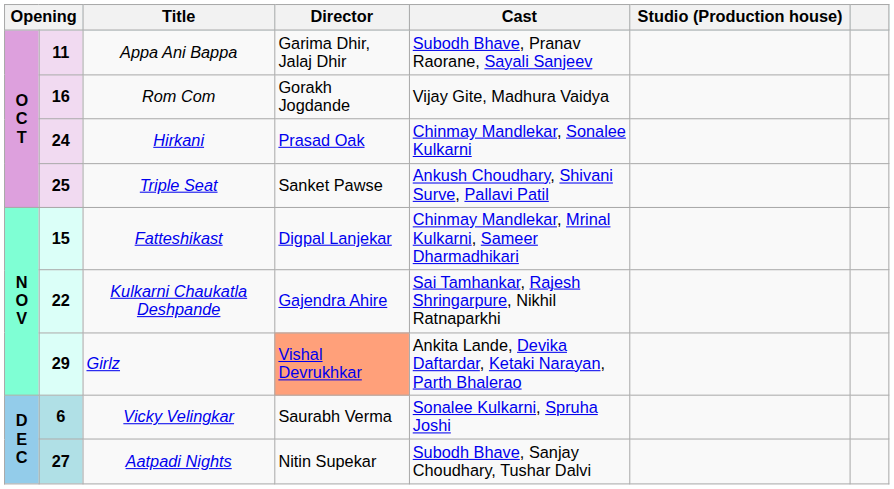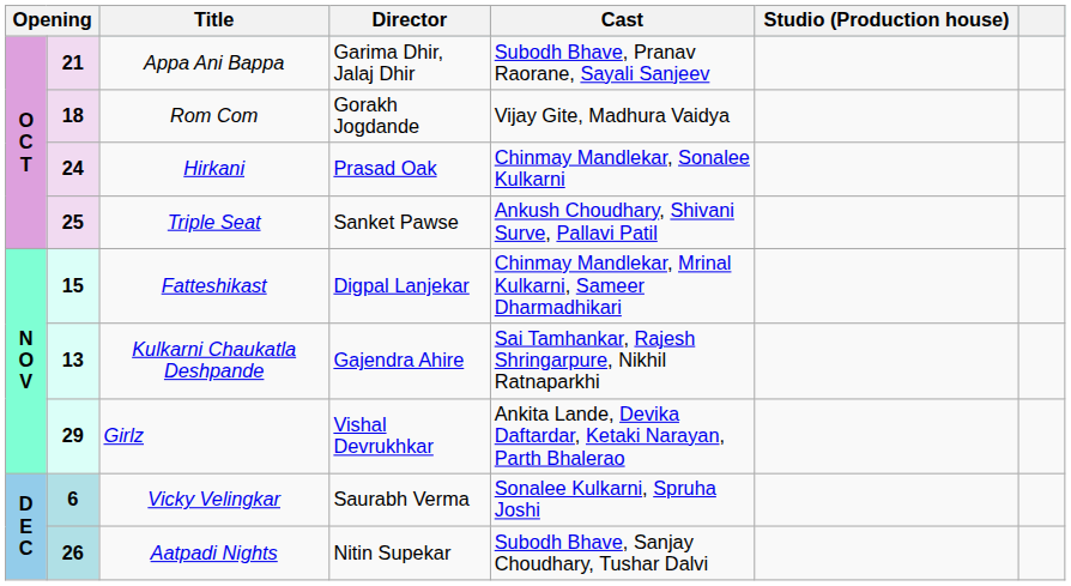 <table class="wikitable">
 <tr style="background:#b0e0e6; text-align:center;">
 <th colspan="2" style="width:6%;"><strong>Opening</strong></th>
 <th style="width:20%;"><strong>Title</strong></th>
 <th style="width:14%;"><strong>Director</strong></th>
 <th style="width:23%;"><strong>Cast</strong></th>
 <th style="width:23%;"><strong>Studio (Production house)</strong></th>
 <th style="width:4%;"><strong></strong></th>
 </tr>
 <tr October!>
 <td rowspan="4" style="text-align:center; background:plum;"><strong>O<br>C<br>T</strong></td>
-<td rowspan="1" style="text-align:center; background:#f1daf1;"><strong>11</strong></td>
+<td rowspan="1" style="text-align:center; background:#f1daf1;"><strong>21</strong></td>
 <td style="text-align:center;"><em>Appa Ani Bappa</em></td>
 <td>Garima Dhir, Jalaj Dhir</td>
 <td><a href='#'>Subodh Bhave</a>, Pranav Raorane, <a href='#'>Sayali Sanjeev</a></td>
 <td></td>
 <td><br></td>
 </tr>
 <tr>
-<td rowspan="1" style="text-align:center;background:#f1daf1;"><strong>16</strong></td>
+<td rowspan="1" style="text-align:center;background:#f1daf1;"><strong>18</strong></td>
 <td style="text-align:center;"><em>Rom Com</em></td>
 <td>Gorakh Jogdande</td>
 <td>Vijay Gite, Madhura Vaidya</td>
 <td></td>
 <td></td>
 </tr>
 <tr>
 <td rowspan="1" style="text-align:center;background:#f1daf1;"><strong>24</strong></td>
 <td style="text-align:center;"><em><a href='#'>Hirkani</a></em></td>
 <td><a href='#'>Prasad Oak</a></td>
 <td><a href='#'>Chinmay Mandlekar</a>, <a href='#'>Sonalee Kulkarni</a></td>
 <td></td>
 <td></td>
 </tr>
 <tr>
 <td rowspan="1" style="text-align:center;background:#f1daf1;"><strong>25</strong></td>
 <td style="text-align:center;"><em><a href='#'>Triple Seat</a></em></td>
 <td>Sanket Pawse</td>
 <td><a href='#'>Ankush Choudhary</a>, <a href='#'>Shivani Surve</a>, <a href='#'>Pallavi Patil</a></td>
 <td></td>
 <td></td>
 </tr>
 <tr>
 </tr>
 <tr November>
 <td rowspan="3" style="text-align:center; background:#7FFFD4; textcolor:#000;"><strong>N<br>O<br>V</strong></td>
 <td rowspan="1" style="text-align:center;background:#dbfff8;"><strong>15</strong></td>
 <td style="text-align:center;"><em><a href='#'>Fatteshikast</a></em></td>
 <td><a href='#'>Digpal Lanjekar</a></td>
 <td><a href='#'>Chinmay Mandlekar</a>, <a href='#'>Mrinal Kulkarni</a>, <a href='#'>Sameer Dharmadhikari</a></td>
 <td></td>
 <td></td>
 </tr>
 <tr>
-<td rowspan="1" style="text-align:center;background:#dbfff8;"><strong>22</strong></td>
+<td rowspan="1" style="text-align:center;background:#dbfff8;"><strong>13</strong></td>
 <td style="text-align:center;"><em><a href='#'>Kulkarni Chaukatla Deshpande</a></em></td>
 <td><a href='#'>Gajendra Ahire</a></td>
 <td><a href='#'>Sai Tamhankar</a>, <a href='#'>Rajesh Shringarpure</a>, Nikhil Ratnaparkhi</td>
 <td></td>
 <td></td>
 </tr>
 <tr>
 <td rowspan="1" style="text-align:center;background:#dbfff8;"><strong>29</strong></td>
 <td><em><a href='#'>Girlz</a></em></td>
-<td style="background: lightsalmon;"><a href='#'>Vishal Devrukhkar</a></td>
+<td><a href='#'>Vishal Devrukhkar</a></td>
 <td>Ankita Lande, <a href='#'>Devika Daftardar</a>, <a href='#'>Ketaki Narayan</a>, <a href='#'>Parth Bhalerao</a></td>
 <td></td>
 <td></td>
 </tr>
 <tr December!>
 <td rowspan="2" style="text-align:center; background:#93CCEA; textcolor:#000;"><strong>D<br>E<br>C</strong></td>
 <td rowspan="1" style="text-align:center;background:#B0E0E6;"><strong>6</strong></td>
 <td style="text-align:center;"><em><a href='#'>Vicky Velingkar</a></em></td>
 <td>Saurabh Verma</td>
 <td><a href='#'>Sonalee Kulkarni</a>, <a href='#'>Spruha Joshi</a></td>
 <td></td>
 <td></td>
 </tr>
 <tr>
-<td rowspan="1" style="text-align:center;background:#B0E0E6;"><strong>27</strong></td>
+<td rowspan="1" style="text-align:center;background:#B0E0E6;"><strong>26</strong></td>
 <td style="text-align:center;"><em><a href='#'>Aatpadi Nights</a></em></td>
 <td>Nitin Supekar</td>
 <td><a href='#'>Subodh Bhave</a>, Sanjay Choudhary, Tushar Dalvi</td>
 <td></td>
 <td></td>
 </tr>
 </table>
